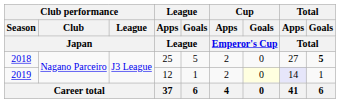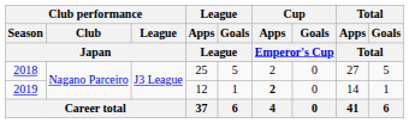 <table class="wikitable" style="text-align:center">
 <tr>
 <th colspan=3>Club performance</th>
 <th colspan=2>League</th>
 <th colspan=2>Cup</th>
 <th colspan=2>Total</th>
 </tr>
 <tr>
 <th>Season</th>
 <th>Club</th>
 <th>League</th>
 <th>Apps</th>
 <th>Goals</th>
 <th>Apps</th>
 <th>Goals</th>
 <th>Apps</th>
 <th>Goals</th>
 </tr>
 <tr>
 <th colspan=3>Japan</th>
 <th colspan=2>League</th>
 <th colspan=2><a href='#'>Emperor's Cup</a></th>
 <th colspan=2>Total</th>
 </tr>
 <tr>
 <td><a href='#'>2018</a></td>
 <td rowspan="2"><a href='#'>Nagano Parceiro</a></td>
 <td rowspan="2"><a href='#'>J3 League</a></td>
 <td>25</td>
 <td>5</td>
 <td>2</td>
 <td>0</td>
 <td>27</td>
-<td><strong>5</strong></td>
+<td>5</td>
 </tr>
 <tr>
 <td><a href='#'>2019</a></td>
 <td>12</td>
 <td>1</td>
-<td>2</td>
-<td style="background: lightyellow;">0</td>
-<td style="background: lavender;">14</td>
+<td><strong>2</strong></td>
+<td>0</td>
+<td>14</td>
 <td>1</td>
 </tr>
 <tr>
 <th colspan=3>Career total</th>
 <th>37</th>
 <th>6</th>
 <th>4</th>
 <th>0</th>
 <th>41</th>
 <th>6</th>
 </tr>
 </table>
